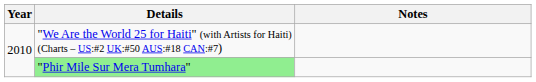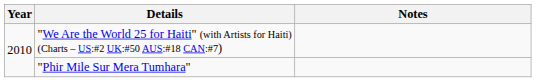 <table class="wikitable">
 <tr>
 <th>Year</th>
 <th>Details</th>
 <th class="unsortable" style="width: 300px;">Notes</th>
 </tr>
 <tr>
 <td rowspan="2">2010</td>
 <td style="text-align:left;">"<a href='#'>We Are the World 25 for Haiti</a>" <small>(with Artists for Haiti)<br>(Charts – <a href='#'>US</a>:#2 <a href='#'>UK</a>:#50 <a href='#'>AUS</a>:#18 <a href='#'>CAN</a>:#7</small>)</td>
 <td></td>
 </tr>
 <tr>
-<td style="background: lightgreen; text-align:left;">"<a href='#'>Phir Mile Sur Mera Tumhara</a>"</td>
+<td style="text-align:left;">"<a href='#'>Phir Mile Sur Mera Tumhara</a>"</td>
 <td></td>
 </tr>
 </table>
